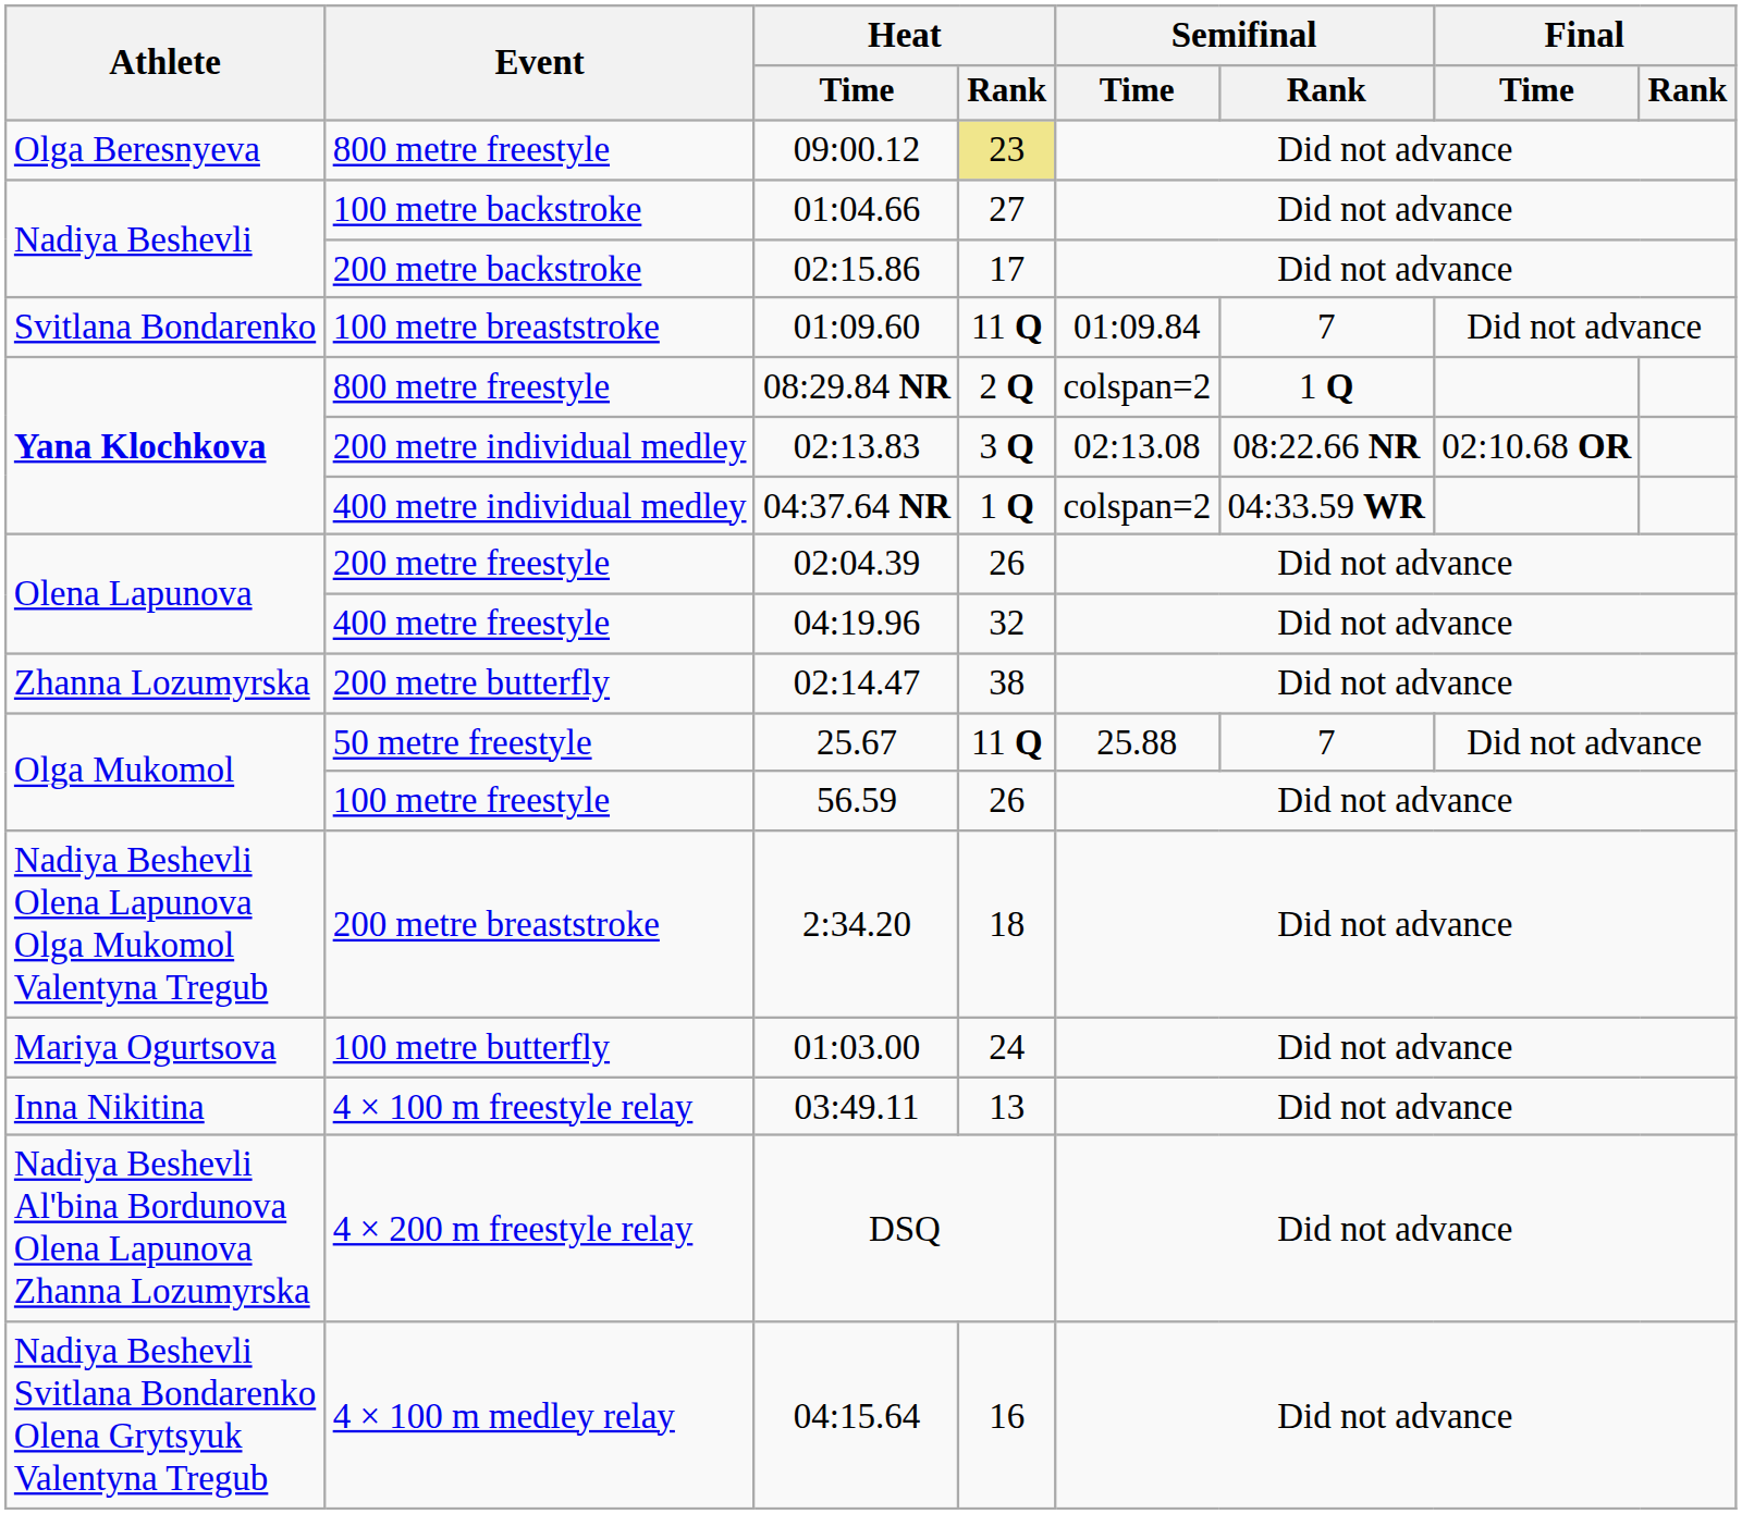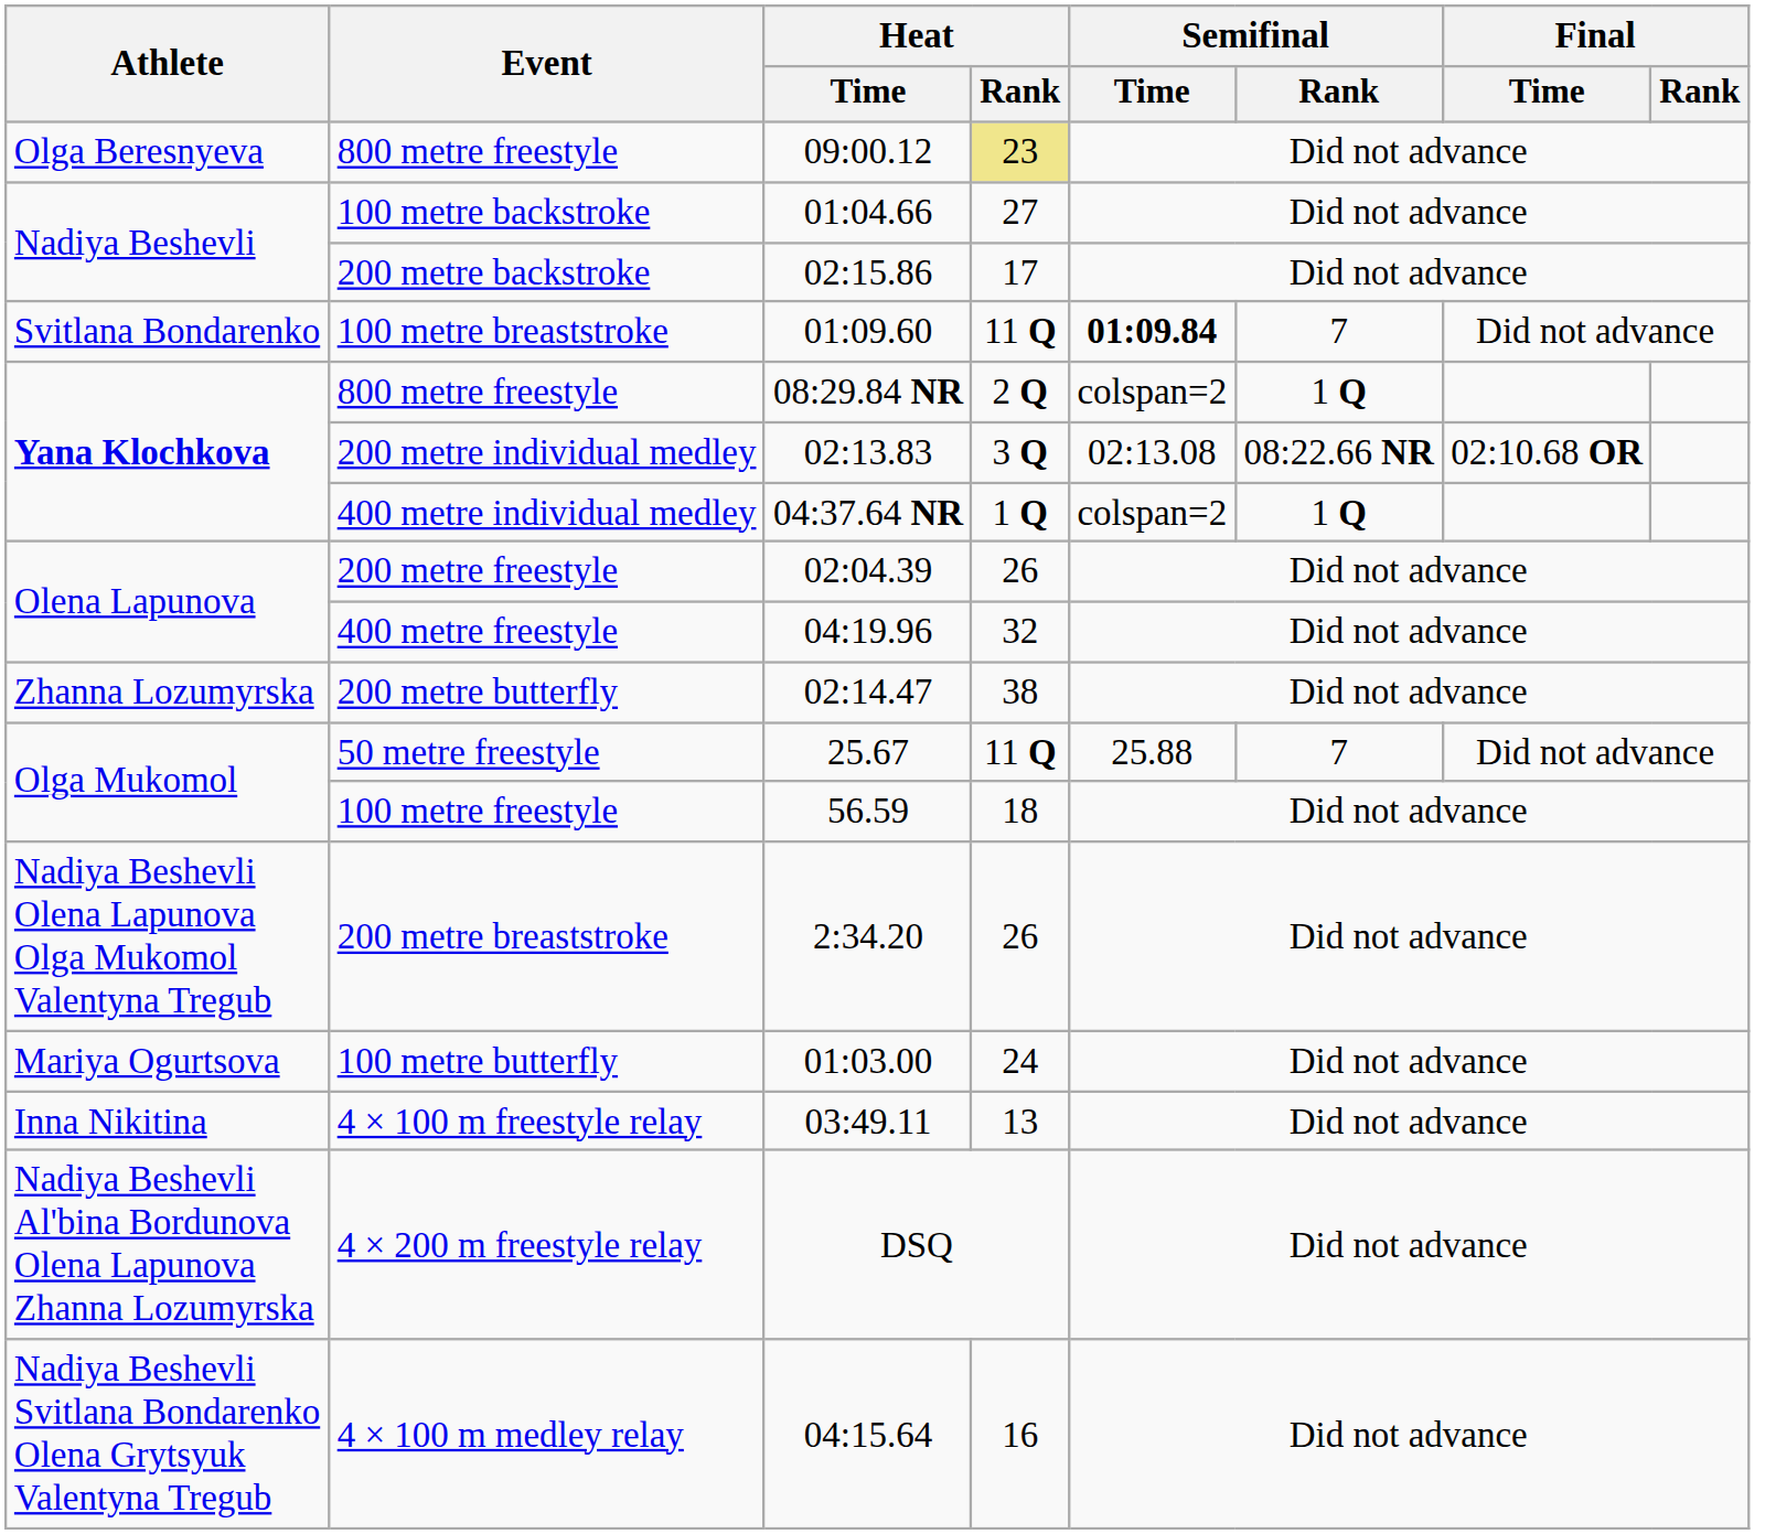 <table class=wikitable style="font-size:90%">
 <tr>
 <th rowspan="2">Athlete</th>
 <th rowspan="2">Event</th>
 <th colspan="2">Heat</th>
 <th colspan="2">Semifinal</th>
 <th colspan="2">Final</th>
 </tr>
 <tr style="font-size:95%">
 <th>Time</th>
 <th>Rank</th>
 <th>Time</th>
 <th>Rank</th>
 <th>Time</th>
 <th>Rank</th>
 </tr>
 <tr align=center>
 <td align=left><a href='#'>Olga Beresnyeva</a></td>
 <td align=left><a href='#'>800 metre freestyle</a></td>
 <td>09:00.12</td>
 <td style="background: khaki;">23</td>
 <td colspan=4>Did not advance</td>
 </tr>
 <tr align=center>
 <td align=left rowspan=2><a href='#'>Nadiya Beshevli</a></td>
 <td align=left><a href='#'>100 metre backstroke</a></td>
 <td>01:04.66</td>
 <td>27</td>
 <td colspan=4>Did not advance</td>
 </tr>
 <tr align=center>
 <td align=left><a href='#'>200 metre backstroke</a></td>
 <td>02:15.86</td>
 <td>17</td>
 <td colspan=4>Did not advance</td>
 </tr>
 <tr align=center>
 <td align=left><a href='#'>Svitlana Bondarenko</a></td>
 <td align=left><a href='#'>100 metre breaststroke</a></td>
 <td>01:09.60</td>
 <td>11 <strong>Q</strong></td>
-<td>01:09.84</td>
+<td><strong>01:09.84</strong></td>
 <td>7</td>
 <td colspan=2>Did not advance</td>
 </tr>
 <tr align=center>
 <td align=left rowspan=3><strong><a href='#'>Yana Klochkova</a></strong></td>
 <td align=left><a href='#'>800 metre freestyle</a></td>
 <td>08:29.84 <strong>NR</strong></td>
 <td>2 <strong>Q</strong></td>
 <td>colspan=2 </td>
 <td>1 <strong>Q</strong></td>
 <td></td>
 </tr>
 <tr align=center>
 <td align=left><a href='#'>200 metre individual medley</a></td>
 <td>02:13.83</td>
 <td>3 <strong>Q</strong></td>
 <td>02:13.08</td>
 <td>08:22.66 <strong>NR</strong></td>
 <td>02:10.68 <strong>OR</strong></td>
 <td></td>
 </tr>
 <tr align=center>
 <td align=left><a href='#'>400 metre individual medley</a></td>
 <td>04:37.64 <strong>NR</strong></td>
 <td>1 <strong>Q</strong></td>
 <td>colspan=2 </td>
-<td>04:33.59 <strong>WR</strong></td>
+<td>1 <strong>Q</strong></td>
 <td></td>
 </tr>
 <tr align=center>
 <td align=left rowspan=2><a href='#'>Olena Lapunova</a></td>
 <td align=left><a href='#'>200 metre freestyle</a></td>
 <td>02:04.39</td>
 <td>26</td>
 <td colspan=4>Did not advance</td>
 </tr>
 <tr align=center>
 <td align=left><a href='#'>400 metre freestyle</a></td>
 <td>04:19.96</td>
 <td>32</td>
 <td colspan=4>Did not advance</td>
 </tr>
 <tr align=center>
 <td align=left><a href='#'>Zhanna Lozumyrska</a></td>
 <td align=left><a href='#'>200 metre butterfly</a></td>
 <td>02:14.47</td>
 <td>38</td>
 <td colspan=4>Did not advance</td>
 </tr>
 <tr align=center>
 <td align=left rowspan=2><a href='#'>Olga Mukomol</a></td>
 <td align=left><a href='#'>50 metre freestyle</a></td>
 <td>25.67</td>
 <td>11 <strong>Q</strong></td>
 <td>25.88</td>
 <td>7</td>
 <td colspan=2>Did not advance</td>
 </tr>
 <tr align=center>
 <td align=left><a href='#'>100 metre freestyle</a></td>
 <td>56.59</td>
-<td>26</td>
+<td>18</td>
 <td colspan=4>Did not advance</td>
 </tr>
 <tr align=center>
 <td align=left><a href='#'>Nadiya Beshevli</a><br><a href='#'>Olena Lapunova</a><br><a href='#'>Olga Mukomol</a><br><a href='#'>Valentyna Tregub</a></td>
 <td align=left><a href='#'>200 metre breaststroke</a></td>
 <td>2:34.20</td>
-<td>18</td>
+<td>26</td>
 <td colspan=4>Did not advance</td>
 </tr>
 <tr align=center>
 <td align=left><a href='#'>Mariya Ogurtsova</a></td>
 <td align=left><a href='#'>100 metre butterfly</a></td>
 <td>01:03.00</td>
 <td>24</td>
 <td colspan=4>Did not advance</td>
 </tr>
 <tr align=center>
 <td align=left><a href='#'>Inna Nikitina</a></td>
 <td align=left><a href='#'>4 × 100 m freestyle relay</a></td>
 <td>03:49.11</td>
 <td>13</td>
 <td colspan=4>Did not advance</td>
 </tr>
 <tr align=center>
 <td align=left><a href='#'>Nadiya Beshevli</a><br><a href='#'>Al'bina Bordunova</a><br><a href='#'>Olena Lapunova</a><br><a href='#'>Zhanna Lozumyrska</a></td>
 <td align=left><a href='#'>4 × 200 m freestyle relay</a></td>
 <td colspan=2>DSQ</td>
 <td colspan=4>Did not advance</td>
 </tr>
 <tr align=center>
 <td align=left><a href='#'>Nadiya Beshevli</a><br><a href='#'>Svitlana Bondarenko</a><br><a href='#'>Olena Grytsyuk</a><br><a href='#'>Valentyna Tregub</a></td>
 <td align=left><a href='#'>4 × 100 m medley relay</a></td>
 <td>04:15.64</td>
 <td>16</td>
 <td colspan=4>Did not advance</td>
 </tr>
 </table>
